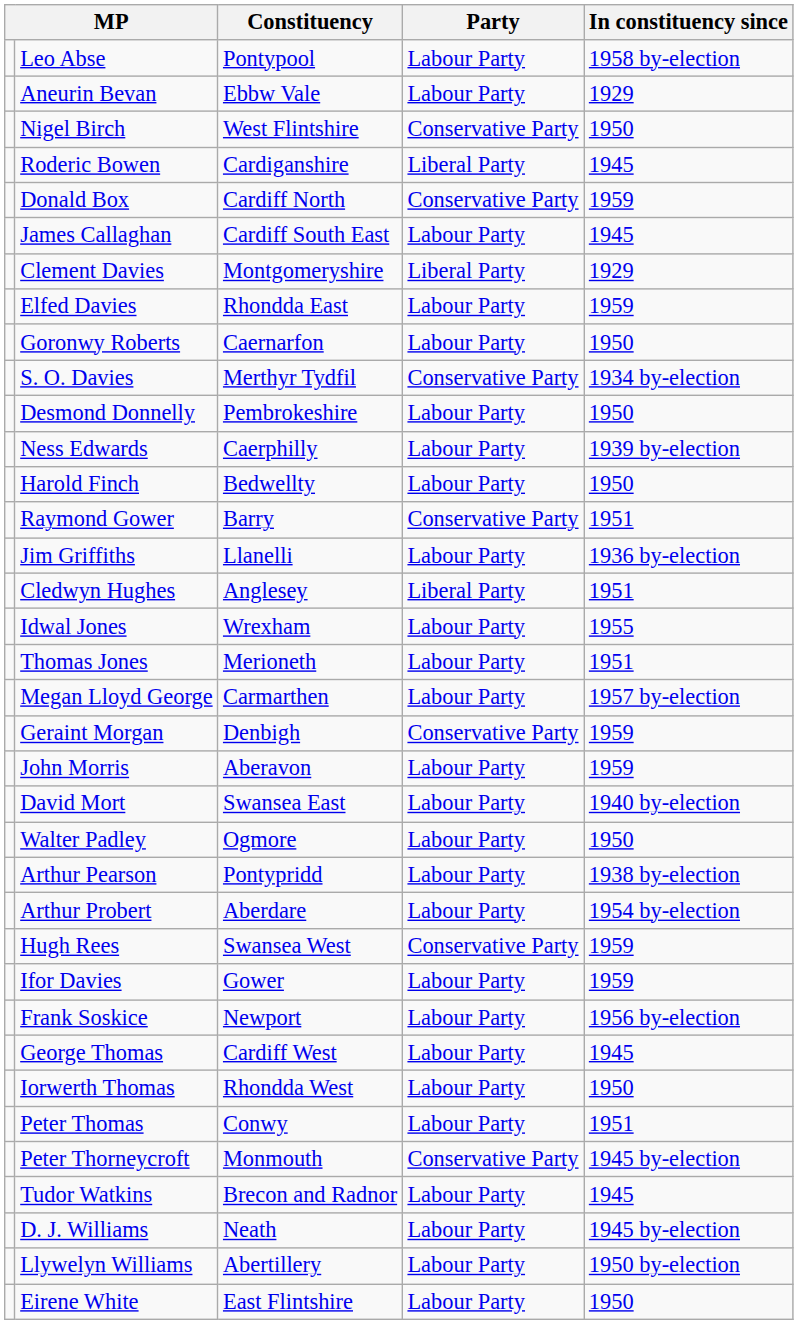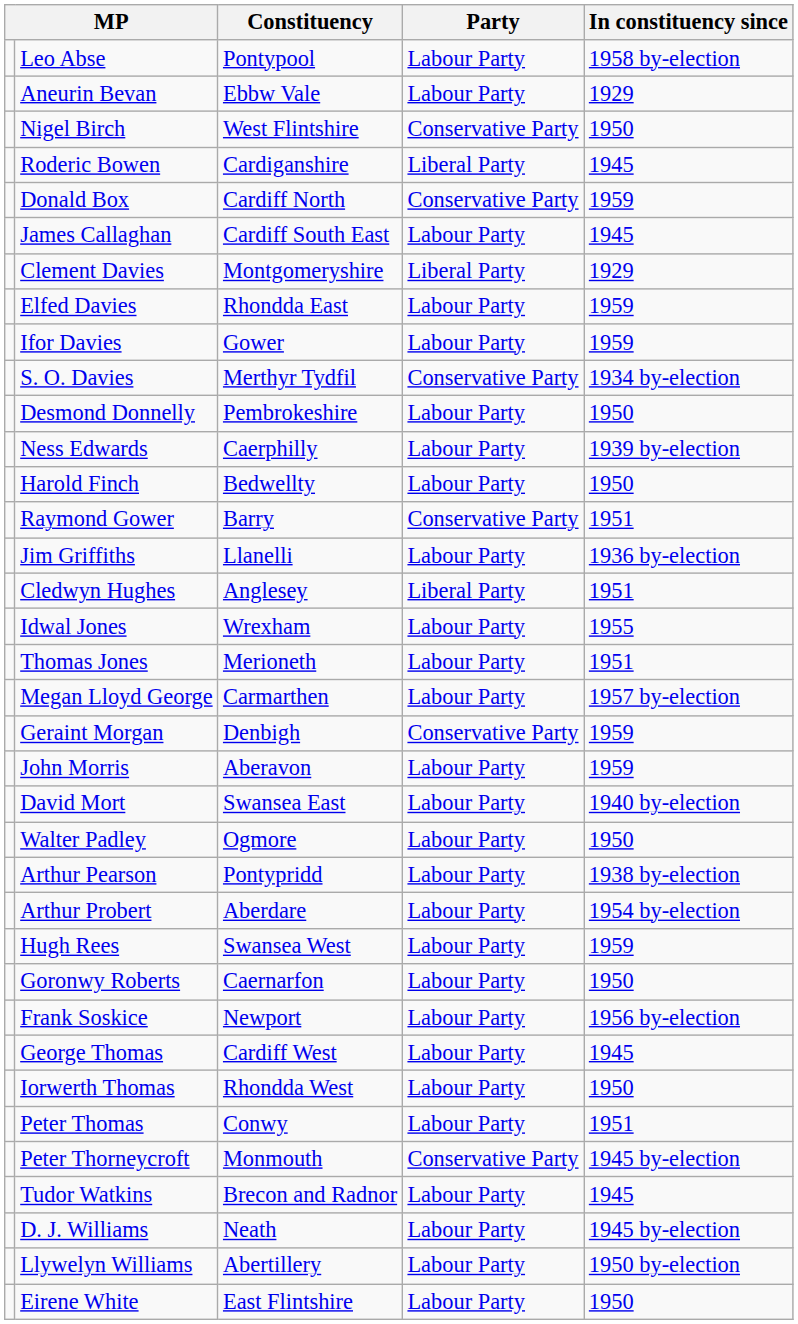 <table class="wikitable sortable">
 <tr>
 <th colspan="2">MP</th>
 <th>Constituency</th>
 <th>Party</th>
 <th>In constituency since</th>
 </tr>
 <tr>
 <td style="color:inherit;background-color: "></td>
 <td><a href='#'>Leo Abse</a></td>
 <td><a href='#'>Pontypool</a></td>
 <td><a href='#'>Labour Party</a></td>
 <td><a href='#'>1958 by-election</a></td>
 </tr>
 <tr>
 <td style="color:inherit;background-color: "></td>
 <td><a href='#'>Aneurin Bevan</a></td>
 <td><a href='#'>Ebbw Vale</a></td>
 <td><a href='#'>Labour Party</a></td>
 <td><a href='#'>1929</a></td>
 </tr>
 <tr>
 <td style="color:inherit;background-color: "></td>
 <td><a href='#'>Nigel Birch</a></td>
 <td><a href='#'>West Flintshire</a></td>
 <td><a href='#'>Conservative Party</a></td>
 <td><a href='#'>1950</a></td>
 </tr>
 <tr>
 <td style="color:inherit;background-color: "></td>
 <td><a href='#'>Roderic Bowen</a></td>
 <td><a href='#'>Cardiganshire</a></td>
 <td><a href='#'>Liberal Party</a></td>
 <td><a href='#'>1945</a></td>
 </tr>
 <tr>
 <td style="color:inherit;background-color: "></td>
 <td><a href='#'>Donald Box</a></td>
 <td><a href='#'>Cardiff North</a></td>
 <td><a href='#'>Conservative Party</a></td>
 <td><a href='#'>1959</a></td>
 </tr>
 <tr>
 <td style="color:inherit;background-color: "></td>
 <td><a href='#'>James Callaghan</a></td>
 <td><a href='#'>Cardiff South East</a></td>
 <td><a href='#'>Labour Party</a></td>
 <td><a href='#'>1945</a></td>
 </tr>
 <tr>
 <td style="color:inherit;background-color: "></td>
 <td><a href='#'>Clement Davies</a></td>
 <td><a href='#'>Montgomeryshire</a></td>
 <td><a href='#'>Liberal Party</a></td>
 <td><a href='#'>1929</a></td>
 </tr>
 <tr>
 <td style="color:inherit;background-color: "></td>
 <td><a href='#'>Elfed Davies</a></td>
 <td><a href='#'>Rhondda East</a></td>
 <td><a href='#'>Labour Party</a></td>
 <td><a href='#'>1959</a></td>
 </tr>
 <tr>
 <td style="color:inherit;background-color: "></td>
-<td><a href='#'>Goronwy Roberts</a></td>
-<td><a href='#'>Caernarfon</a></td>
+<td><a href='#'>Ifor Davies</a></td>
+<td><a href='#'>Gower</a></td>
 <td><a href='#'>Labour Party</a></td>
-<td><a href='#'>1950</a></td>
+<td><a href='#'>1959</a></td>
 </tr>
 <tr>
 <td style="color:inherit;background-color: "></td>
 <td><a href='#'>S. O. Davies</a></td>
 <td><a href='#'>Merthyr Tydfil</a></td>
 <td><a href='#'>Conservative Party</a></td>
 <td><a href='#'>1934 by-election</a></td>
 </tr>
 <tr>
 <td style="color:inherit;background-color: "></td>
 <td><a href='#'>Desmond Donnelly</a></td>
 <td><a href='#'>Pembrokeshire</a></td>
 <td><a href='#'>Labour Party</a></td>
 <td><a href='#'>1950</a></td>
 </tr>
 <tr>
 <td style="color:inherit;background-color: "></td>
 <td><a href='#'>Ness Edwards</a></td>
 <td><a href='#'>Caerphilly</a></td>
 <td><a href='#'>Labour Party</a></td>
 <td><a href='#'>1939 by-election</a></td>
 </tr>
 <tr>
 <td style="color:inherit;background-color: "></td>
 <td><a href='#'>Harold Finch</a></td>
 <td><a href='#'>Bedwellty</a></td>
 <td><a href='#'>Labour Party</a></td>
 <td><a href='#'>1950</a></td>
 </tr>
 <tr>
 <td style="color:inherit;background-color: "></td>
 <td><a href='#'>Raymond Gower</a></td>
 <td><a href='#'>Barry</a></td>
 <td><a href='#'>Conservative Party</a></td>
 <td><a href='#'>1951</a></td>
 </tr>
 <tr>
 <td style="color:inherit;background-color: "></td>
 <td><a href='#'>Jim Griffiths</a></td>
 <td><a href='#'>Llanelli</a></td>
 <td><a href='#'>Labour Party</a></td>
 <td><a href='#'>1936 by-election</a></td>
 </tr>
 <tr>
 <td style="color:inherit;background-color: "></td>
 <td><a href='#'>Cledwyn Hughes</a></td>
 <td><a href='#'>Anglesey</a></td>
 <td><a href='#'>Liberal Party</a></td>
 <td><a href='#'>1951</a></td>
 </tr>
 <tr>
 <td style="color:inherit;background-color: "></td>
 <td><a href='#'>Idwal Jones</a></td>
 <td><a href='#'>Wrexham</a></td>
 <td><a href='#'>Labour Party</a></td>
 <td><a href='#'>1955</a></td>
 </tr>
 <tr>
 <td style="color:inherit;background-color: "></td>
 <td><a href='#'>Thomas Jones</a></td>
 <td><a href='#'>Merioneth</a></td>
 <td><a href='#'>Labour Party</a></td>
 <td><a href='#'>1951</a></td>
 </tr>
 <tr>
 <td style="color:inherit;background-color: "></td>
 <td><a href='#'>Megan Lloyd George</a></td>
 <td><a href='#'>Carmarthen</a></td>
 <td><a href='#'>Labour Party</a></td>
 <td><a href='#'>1957 by-election</a></td>
 </tr>
 <tr>
 <td style="color:inherit;background-color: "></td>
 <td><a href='#'>Geraint Morgan</a></td>
 <td><a href='#'>Denbigh</a></td>
 <td><a href='#'>Conservative Party</a></td>
 <td><a href='#'>1959</a></td>
 </tr>
 <tr>
 <td style="color:inherit;background-color: "></td>
 <td><a href='#'>John Morris</a></td>
 <td><a href='#'>Aberavon</a></td>
 <td><a href='#'>Labour Party</a></td>
 <td><a href='#'>1959</a></td>
 </tr>
 <tr>
 <td style="color:inherit;background-color: "></td>
 <td><a href='#'>David Mort</a></td>
 <td><a href='#'>Swansea East</a></td>
 <td><a href='#'>Labour Party</a></td>
 <td><a href='#'>1940 by-election</a></td>
 </tr>
 <tr>
 <td style="color:inherit;background-color: "></td>
 <td><a href='#'>Walter Padley</a></td>
 <td><a href='#'>Ogmore</a></td>
 <td><a href='#'>Labour Party</a></td>
 <td><a href='#'>1950</a></td>
 </tr>
 <tr>
 <td style="color:inherit;background-color: "></td>
 <td><a href='#'>Arthur Pearson</a></td>
 <td><a href='#'>Pontypridd</a></td>
 <td><a href='#'>Labour Party</a></td>
 <td><a href='#'>1938 by-election</a></td>
 </tr>
 <tr>
 <td style="color:inherit;background-color: "></td>
 <td><a href='#'>Arthur Probert</a></td>
 <td><a href='#'>Aberdare</a></td>
 <td><a href='#'>Labour Party</a></td>
 <td><a href='#'>1954 by-election</a></td>
 </tr>
 <tr>
 <td style="color:inherit;background-color: "></td>
 <td><a href='#'>Hugh Rees</a></td>
 <td><a href='#'>Swansea West</a></td>
-<td><a href='#'>Conservative Party</a></td>
+<td><a href='#'>Labour Party</a></td>
 <td><a href='#'>1959</a></td>
 </tr>
 <tr>
 <td style="color:inherit;background-color: "></td>
-<td><a href='#'>Ifor Davies</a></td>
-<td><a href='#'>Gower</a></td>
+<td><a href='#'>Goronwy Roberts</a></td>
+<td><a href='#'>Caernarfon</a></td>
 <td><a href='#'>Labour Party</a></td>
-<td><a href='#'>1959</a></td>
+<td><a href='#'>1950</a></td>
 </tr>
 <tr>
 <td style="color:inherit;background-color: "></td>
 <td><a href='#'>Frank Soskice</a></td>
 <td><a href='#'>Newport</a></td>
 <td><a href='#'>Labour Party</a></td>
 <td><a href='#'>1956 by-election</a></td>
 </tr>
 <tr>
 <td style="color:inherit;background-color: "></td>
 <td><a href='#'>George Thomas</a></td>
 <td><a href='#'>Cardiff West</a></td>
 <td><a href='#'>Labour Party</a></td>
 <td><a href='#'>1945</a></td>
 </tr>
 <tr>
 <td style="color:inherit;background-color: "></td>
 <td><a href='#'>Iorwerth Thomas</a></td>
 <td><a href='#'>Rhondda West</a></td>
 <td><a href='#'>Labour Party</a></td>
 <td><a href='#'>1950</a></td>
 </tr>
 <tr>
 <td style="color:inherit;background-color: "></td>
 <td><a href='#'>Peter Thomas</a></td>
 <td><a href='#'>Conwy</a></td>
 <td><a href='#'>Labour Party</a></td>
 <td><a href='#'>1951</a></td>
 </tr>
 <tr>
 <td style="color:inherit;background-color: "></td>
 <td><a href='#'>Peter Thorneycroft</a></td>
 <td><a href='#'>Monmouth</a></td>
 <td><a href='#'>Conservative Party</a></td>
 <td><a href='#'>1945 by-election</a></td>
 </tr>
 <tr>
 <td style="color:inherit;background-color: "></td>
 <td><a href='#'>Tudor Watkins</a></td>
 <td><a href='#'>Brecon and Radnor</a></td>
 <td><a href='#'>Labour Party</a></td>
 <td><a href='#'>1945</a></td>
 </tr>
 <tr>
 <td style="color:inherit;background-color: "></td>
 <td><a href='#'>D. J. Williams</a></td>
 <td><a href='#'>Neath</a></td>
 <td><a href='#'>Labour Party</a></td>
 <td><a href='#'>1945 by-election</a></td>
 </tr>
 <tr>
 <td style="color:inherit;background-color: "></td>
 <td><a href='#'>Llywelyn Williams</a></td>
 <td><a href='#'>Abertillery</a></td>
 <td><a href='#'>Labour Party</a></td>
 <td><a href='#'>1950 by-election</a></td>
 </tr>
 <tr>
 <td style="color:inherit;background-color: "></td>
 <td><a href='#'>Eirene White</a></td>
 <td><a href='#'>East Flintshire</a></td>
 <td><a href='#'>Labour Party</a></td>
 <td><a href='#'>1950</a></td>
 </tr>
 </table>
